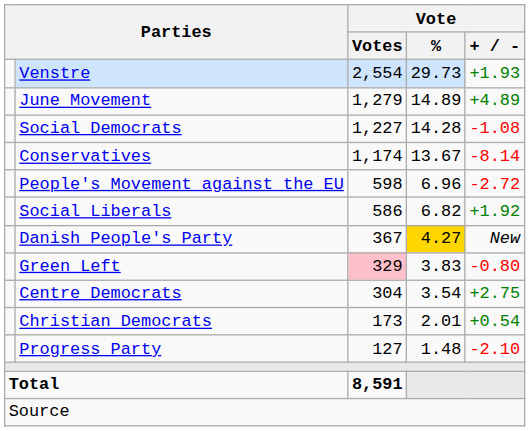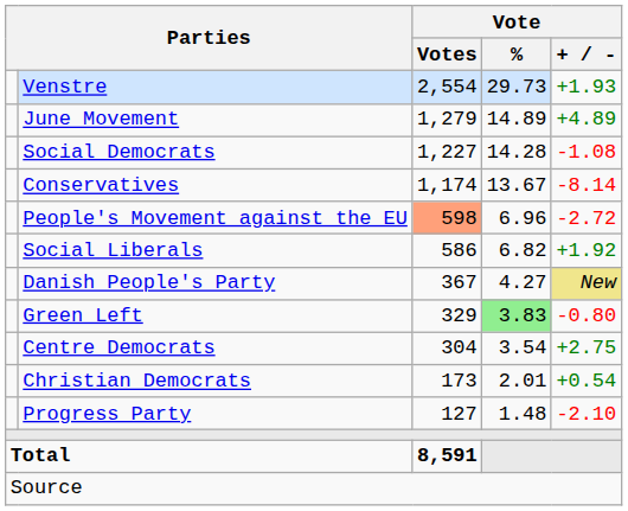 <table class="wikitable" style="text-align:right;">
 <tr>
 <th style="text-align:centre;" rowspan="2" colspan="2" width="225">Parties</th>
 <th colspan="3">Vote</th>
 </tr>
 <tr>
 <th width="15">Votes</th>
 <th width="15">%</th>
 <th width="15">+ / -</th>
 </tr>
 <tr>
 <td width="2" style="color:inherit;background:"></td>
 <td bgcolor=#cfe5fe   align="left"><a href='#'>Venstre</a></td>
 <td bgcolor=#cfe5fe>2,554</td>
 <td bgcolor=#cfe5fe>29.73</td>
 <td style=color:green;>+1.93</td>
 </tr>
 <tr>
 <td width="2" style="color:inherit;background:"></td>
 <td align="left"><a href='#'>June Movement</a></td>
 <td>1,279</td>
 <td>14.89</td>
 <td style=color:green;>+4.89</td>
 </tr>
 <tr>
 <td width="2" style="color:inherit;background:"></td>
 <td align="left"><a href='#'>Social Democrats</a></td>
 <td>1,227</td>
 <td>14.28</td>
 <td style=color:red;>-1.08</td>
 </tr>
 <tr>
 <td width="2" style="color:inherit;background:"></td>
 <td align="left"><a href='#'>Conservatives</a></td>
 <td>1,174</td>
 <td>13.67</td>
 <td style=color:red;>-8.14</td>
 </tr>
 <tr>
 <td width="2" style="color:inherit;background:"></td>
 <td align="left"><a href='#'>People's Movement against the EU</a></td>
-<td>598</td>
+<td style="background: lightsalmon;">598</td>
 <td>6.96</td>
 <td style=color:red;>-2.72</td>
 </tr>
 <tr>
 <td width="2" style="color:inherit;background:"></td>
 <td align="left"><a href='#'>Social Liberals</a></td>
 <td>586</td>
 <td>6.82</td>
 <td style=color:green;>+1.92</td>
 </tr>
 <tr>
 <td width="2" style="color:inherit;background:"></td>
 <td align="left"><a href='#'>Danish People's Party</a></td>
 <td>367</td>
-<td style="background: gold;">4.27</td>
-<td><em>New</em></td>
+<td>4.27</td>
+<td style="background: khaki;"><em>New</em></td>
 </tr>
 <tr>
 <td width="2" style="color:inherit;background:"></td>
 <td align="left"><a href='#'>Green Left</a></td>
-<td style="background: pink;">329</td>
-<td>3.83</td>
+<td>329</td>
+<td style="background: lightgreen;">3.83</td>
 <td style=color:red;>-0.80</td>
 </tr>
 <tr>
 <td width="2" style="color:inherit;background:"></td>
 <td align="left"><a href='#'>Centre Democrats</a></td>
 <td>304</td>
 <td>3.54</td>
 <td style=color:green;>+2.75</td>
 </tr>
 <tr>
 <td width="2" style="color:inherit;background:"></td>
 <td align="left"><a href='#'>Christian Democrats</a></td>
 <td>173</td>
 <td>2.01</td>
 <td style=color:green;>+0.54</td>
 </tr>
 <tr>
 <td width="2" style="color:inherit;background:"></td>
 <td align="left"><a href='#'>Progress Party</a></td>
 <td>127</td>
 <td>1.48</td>
 <td style=color:red;>-2.10</td>
 </tr>
 <tr>
 <td colspan="7" bgcolor="#E9E9E9"></td>
 </tr>
 <tr>
 <td align="left" colspan="2"><strong>Total</strong></td>
 <td><strong>8,591</strong></td>
 <td bgcolor="#E9E9E9" colspan="2"></td>
 </tr>
 <tr>
 <td align="left" colspan="6">Source</td>
 </tr>
 </table>
